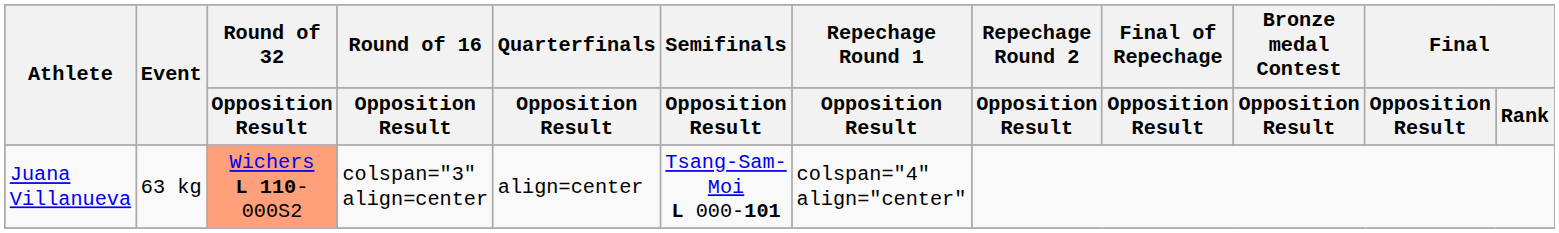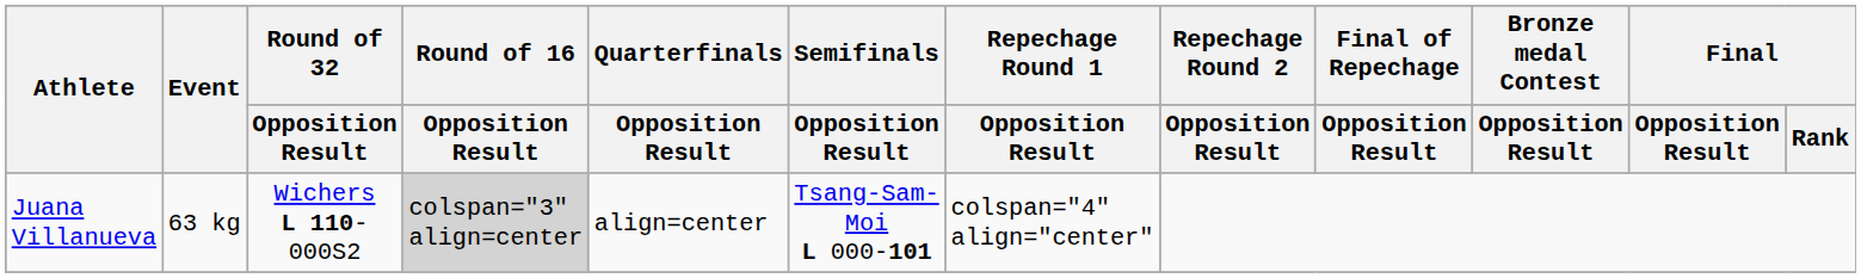 <table class="wikitable" style="font-size:90%">
 <tr>
 <th rowspan="2">Athlete</th>
 <th rowspan="2">Event</th>
 <th colspan="1">Round of 32</th>
 <th colspan="1">Round of 16</th>
 <th colspan="1">Quarterfinals</th>
 <th colspan="1">Semifinals</th>
 <th colspan="1">Repechage<br>Round 1</th>
 <th colspan="1">Repechage<br>Round 2</th>
 <th colspan="1">Final of Repechage</th>
 <th colspan="1">Bronze medal Contest</th>
 <th colspan="2">Final</th>
 </tr>
 <tr>
 <th>Opposition<br>Result</th>
 <th>Opposition<br>Result</th>
 <th>Opposition<br>Result</th>
 <th>Opposition<br>Result</th>
 <th>Opposition<br>Result</th>
 <th>Opposition<br>Result</th>
 <th>Opposition<br>Result</th>
 <th>Opposition<br>Result</th>
 <th>Opposition<br>Result</th>
 <th>Rank</th>
 </tr>
 <tr>
 <td><a href='#'>Juana Villanueva</a></td>
 <td>63 kg</td>
-<td align=center style="background: lightsalmon;"> <a href='#'>Wichers</a> <br><strong>L</strong> <strong>110</strong>-000S2</td>
-<td>colspan="3" align=center </td>
+<td align=center> <a href='#'>Wichers</a> <br><strong>L</strong> <strong>110</strong>-000S2</td>
+<td style="background: lightgrey;">colspan="3" align=center </td>
 <td>align=center </td>
 <td align=center> <a href='#'>Tsang-Sam-Moi</a> <br><strong>L</strong> 000-<strong>101</strong></td>
 <td>colspan="4" align="center" </td>
 </tr>
 </table>
